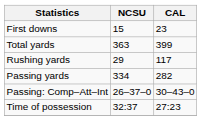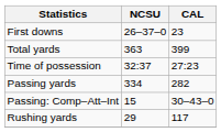 <table class="wikitable" style="float: left;">
 <tr>
 <th>Statistics</th>
 <th>NCSU</th>
 <th>CAL</th>
 </tr>
 <tr>
 <td>First downs</td>
-<td>15</td>
+<td>26–37–0</td>
 <td>23</td>
 </tr>
 <tr>
 <td>Total yards</td>
 <td>363</td>
 <td>399</td>
 </tr>
 <tr>
-<td>Rushing yards</td>
-<td>29</td>
-<td>117</td>
+<td>Time of possession</td>
+<td>32:37</td>
+<td>27:23</td>
 </tr>
 <tr>
 <td>Passing yards</td>
 <td>334</td>
 <td>282</td>
 </tr>
 <tr>
 <td>Passing: Comp–Att–Int</td>
-<td>26–37–0</td>
+<td>15</td>
 <td>30–43–0</td>
 </tr>
 <tr>
-<td>Time of possession</td>
-<td>32:37</td>
-<td>27:23</td>
+<td>Rushing yards</td>
+<td>29</td>
+<td>117</td>
 </tr>
 <tr>
 </tr>
 </table>
